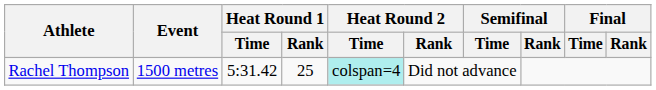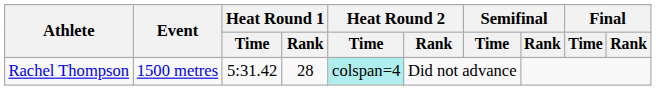 <table class=wikitable style="font-size:90%; text-align:center">
 <tr>
 <th rowspan=2>Athlete</th>
 <th rowspan=2>Event</th>
 <th colspan=2>Heat Round 1</th>
 <th colspan=2>Heat Round 2</th>
 <th colspan=2>Semifinal</th>
 <th colspan=2>Final</th>
 </tr>
 <tr style=font-size:95%>
 <th>Time</th>
 <th>Rank</th>
 <th>Time</th>
 <th>Rank</th>
 <th>Time</th>
 <th>Rank</th>
 <th>Time</th>
 <th>Rank</th>
 </tr>
 <tr align=center>
 <td align=left><a href='#'>Rachel Thompson</a></td>
 <td align=left><a href='#'>1500 metres</a></td>
 <td>5:31.42</td>
-<td>25</td>
+<td>28</td>
 <td style="background: paleturquoise;">colspan=4</td>
 <td colspan=2>Did not advance</td>
 </tr>
 </table>
